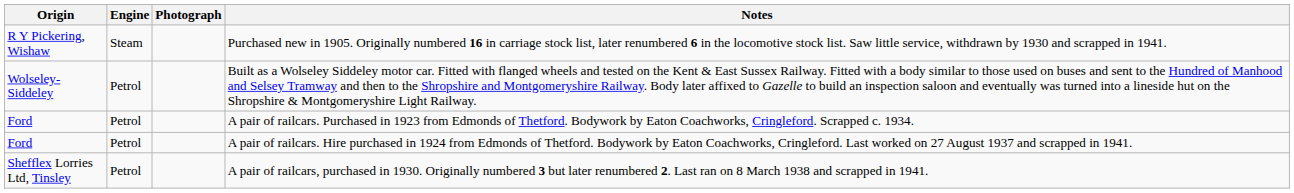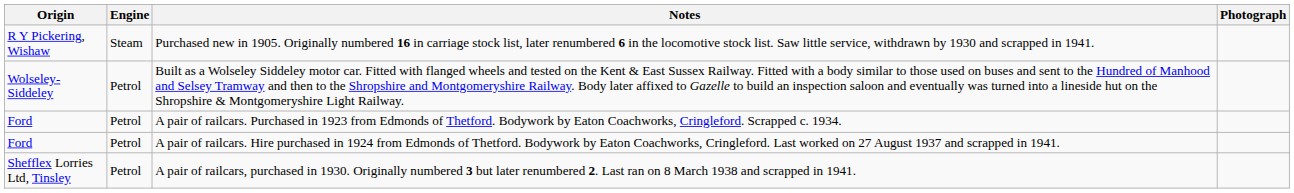 <table class="wikitable">
 <tr>
 <th>Origin</th>
 <th>Engine</th>
+<th>Notes</th>
 <th>Photograph</th>
-<th>Notes</th>
 </tr>
 <tr>
 <td><a href='#'>R Y Pickering</a>, <a href='#'>Wishaw</a></td>
 <td>Steam</td>
+<td>Purchased new in 1905. Originally numbered <strong>16</strong> in carriage stock list, later renumbered <strong>6</strong> in the locomotive stock list. Saw little service, withdrawn by 1930 and scrapped in 1941.</td>
 <td></td>
-<td>Purchased new in 1905. Originally numbered <strong>16</strong> in carriage stock list, later renumbered <strong>6</strong> in the locomotive stock list. Saw little service, withdrawn by 1930 and scrapped in 1941.</td>
 </tr>
 <tr>
 <td><a href='#'>Wolseley-Siddeley</a></td>
 <td>Petrol</td>
+<td>Built as a Wolseley Siddeley motor car. Fitted with flanged wheels and tested on the Kent & East Sussex Railway. Fitted with a body similar to those used on buses and sent to the <a href='#'>Hundred of Manhood and Selsey Tramway</a> and then to the <a href='#'>Shropshire and Montgomeryshire Railway</a>. Body later affixed to <em>Gazelle</em> to build an inspection saloon and eventually was turned into a lineside hut on the Shropshire & Montgomeryshire Light Railway.</td>
 <td></td>
-<td>Built as a Wolseley Siddeley motor car. Fitted with flanged wheels and tested on the Kent & East Sussex Railway. Fitted with a body similar to those used on buses and sent to the <a href='#'>Hundred of Manhood and Selsey Tramway</a> and then to the <a href='#'>Shropshire and Montgomeryshire Railway</a>. Body later affixed to <em>Gazelle</em> to build an inspection saloon and eventually was turned into a lineside hut on the Shropshire & Montgomeryshire Light Railway.</td>
 </tr>
 <tr>
 <td><a href='#'>Ford</a></td>
 <td>Petrol</td>
+<td>A pair of railcars. Purchased in 1923 from Edmonds of <a href='#'>Thetford</a>. Bodywork by Eaton Coachworks, <a href='#'>Cringleford</a>. Scrapped c. 1934.</td>
 <td></td>
-<td>A pair of railcars. Purchased in 1923 from Edmonds of <a href='#'>Thetford</a>. Bodywork by Eaton Coachworks, <a href='#'>Cringleford</a>. Scrapped c. 1934.</td>
 </tr>
 <tr>
 <td><a href='#'>Ford</a></td>
 <td>Petrol</td>
+<td>A pair of railcars. Hire purchased in 1924 from Edmonds of Thetford. Bodywork by Eaton Coachworks, Cringleford. Last worked on 27 August 1937 and scrapped in 1941.</td>
 <td></td>
-<td>A pair of railcars. Hire purchased in 1924 from Edmonds of Thetford. Bodywork by Eaton Coachworks, Cringleford. Last worked on 27 August 1937 and scrapped in 1941.</td>
 </tr>
 <tr>
 <td><a href='#'>Shefflex</a> Lorries Ltd, <a href='#'>Tinsley</a></td>
 <td>Petrol</td>
+<td>A pair of railcars, purchased in 1930. Originally numbered <strong>3</strong> but later renumbered <strong>2</strong>. Last ran on 8 March 1938 and scrapped in 1941.</td>
 <td></td>
-<td>A pair of railcars, purchased in 1930. Originally numbered <strong>3</strong> but later renumbered <strong>2</strong>. Last ran on 8 March 1938 and scrapped in 1941.</td>
 </tr>
 </table>
